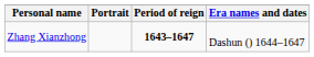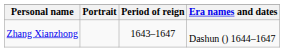 <table class="wikitable">
 <tr>
 </tr>
 <tr>
 <th>Personal name</th>
 <th>Portrait</th>
 <th>Period of reign</th>
 <th><a href='#'>Era names</a> and dates</th>
 </tr>
 <tr>
 <td align="center"><a href='#'>Zhang Xianzhong</a></td>
 <td align="center"></td>
-<td align="center"><strong>1643–1647</strong></td>
+<td align="center">1643–1647</td>
 <td><br>Dashun () 1644–1647<br></td>
 </tr>
 </table>
